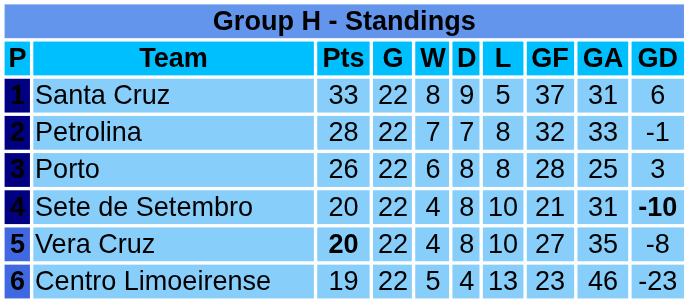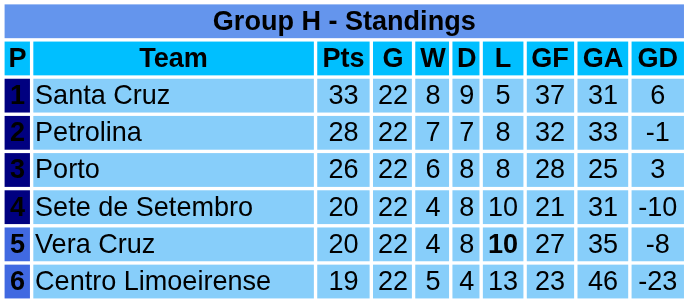 <table width=65% align="center" text-align="center">
 <tr>
 <th colspan="10" bgcolor=#6495ed><span>Group H - Standings</span></th>
 </tr>
 <tr>
 <th bgcolor=#00bfff align="center"><span>P</span></th>
 <th bgcolor=#00bfff align="center"><span>Team</span></th>
 <th bgcolor=#00bfff align="center"><span>Pts</span></th>
 <th bgcolor=#00bfff align="center"><span> G </span></th>
 <th bgcolor=#00bfff align="center"><span> W </span></th>
 <th bgcolor=#00bfff align="center"><span> D </span></th>
 <th bgcolor=#00bfff align="center"><span> L </span></th>
 <th bgcolor=#00bfff align="center"><span>GF</span></th>
 <th bgcolor=#00bfff align="center"><span>GA</span></th>
 <th bgcolor=#00bfff align="center"><span>GD</span></th>
 </tr>
 <tr>
 <th bgcolor=#000080 align="center"><span>1</span></th>
 <td bgcolor=#87cefa>Santa Cruz</td>
 <td bgcolor=#87cefa align="center">33</td>
 <td bgcolor=#87cefa align="center">22</td>
 <td bgcolor=#87cefa align="center">8</td>
 <td bgcolor=#87cefa align="center">9</td>
 <td bgcolor=#87cefa align="center">5</td>
 <td bgcolor=#87cefa align="center">37</td>
 <td bgcolor=#87cefa align="center">31</td>
 <td bgcolor=#87cefa align="center">6</td>
 </tr>
 <tr>
 <th bgcolor=#000080 align="center"><span>2</span></th>
 <td bgcolor=#87cefa>Petrolina</td>
 <td bgcolor=#87cefa align="center">28</td>
 <td bgcolor=#87cefa align="center">22</td>
 <td bgcolor=#87cefa align="center">7</td>
 <td bgcolor=#87cefa align="center">7</td>
 <td bgcolor=#87cefa align="center">8</td>
 <td bgcolor=#87cefa align="center">32</td>
 <td bgcolor=#87cefa align="center">33</td>
 <td bgcolor=#87cefa align="center">-1</td>
 </tr>
 <tr>
 <th bgcolor=#000080 align="center"><span>3</span></th>
 <td bgcolor=#87cefa>Porto</td>
 <td bgcolor=#87cefa align="center">26</td>
 <td bgcolor=#87cefa align="center">22</td>
 <td bgcolor=#87cefa align="center">6</td>
 <td bgcolor=#87cefa align="center">8</td>
 <td bgcolor=#87cefa align="center">8</td>
 <td bgcolor=#87cefa align="center">28</td>
 <td bgcolor=#87cefa align="center">25</td>
 <td bgcolor=#87cefa align="center">3</td>
 </tr>
 <tr>
 <th bgcolor=#000080 align="center"><span>4</span></th>
 <td bgcolor=#87cefa>Sete de Setembro</td>
 <td bgcolor=#87cefa align="center">20</td>
 <td bgcolor=#87cefa align="center">22</td>
 <td bgcolor=#87cefa align="center">4</td>
 <td bgcolor=#87cefa align="center">8</td>
 <td bgcolor=#87cefa align="center">10</td>
 <td bgcolor=#87cefa align="center">21</td>
 <td bgcolor=#87cefa align="center">31</td>
-<td bgcolor=#87cefa align="center"><strong>-10</strong></td>
+<td bgcolor=#87cefa align="center">-10</td>
 </tr>
 <tr>
 <th bgcolor=#4069e1 align="center"><span>5</span></th>
 <td bgcolor=#87cefa>Vera Cruz</td>
-<td bgcolor=#87cefa align="center"><strong>20</strong></td>
+<td bgcolor=#87cefa align="center">20</td>
 <td bgcolor=#87cefa align="center">22</td>
 <td bgcolor=#87cefa align="center">4</td>
 <td bgcolor=#87cefa align="center">8</td>
-<td bgcolor=#87cefa align="center">10</td>
+<td bgcolor=#87cefa align="center"><strong>10</strong></td>
 <td bgcolor=#87cefa align="center">27</td>
 <td bgcolor=#87cefa align="center">35</td>
 <td bgcolor=#87cefa align="center">-8</td>
 </tr>
 <tr>
 <th bgcolor=#4069e1 align="center"><span>6</span></th>
 <td bgcolor=#87cefa>Centro Limoeirense</td>
 <td bgcolor=#87cefa align="center">19</td>
 <td bgcolor=#87cefa align="center">22</td>
 <td bgcolor=#87cefa align="center">5</td>
 <td bgcolor=#87cefa align="center">4</td>
 <td bgcolor=#87cefa align="center">13</td>
 <td bgcolor=#87cefa align="center">23</td>
 <td bgcolor=#87cefa align="center">46</td>
 <td bgcolor=#87cefa align="center">-23</td>
 </tr>
 </table>
